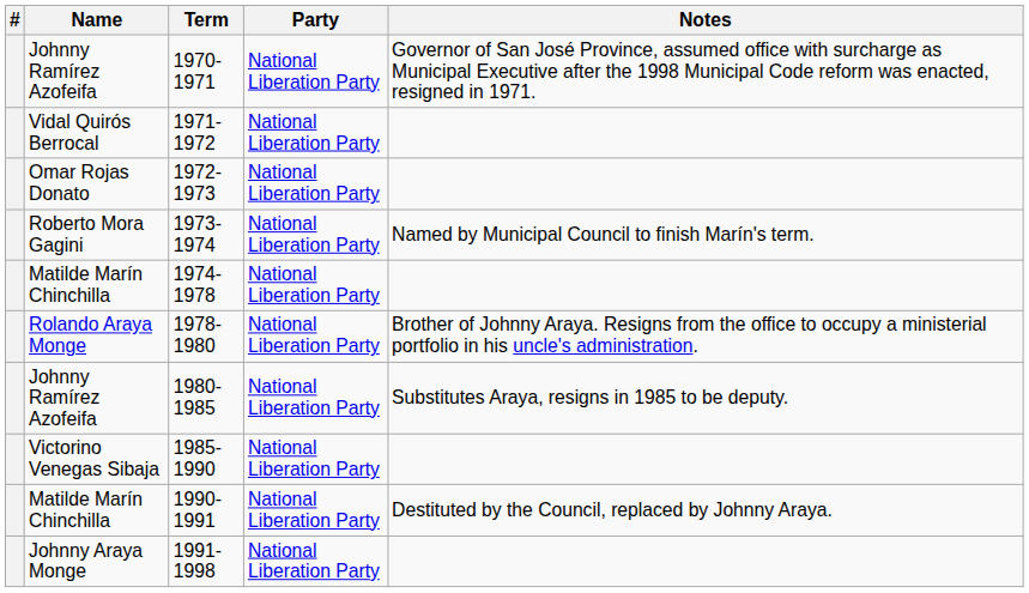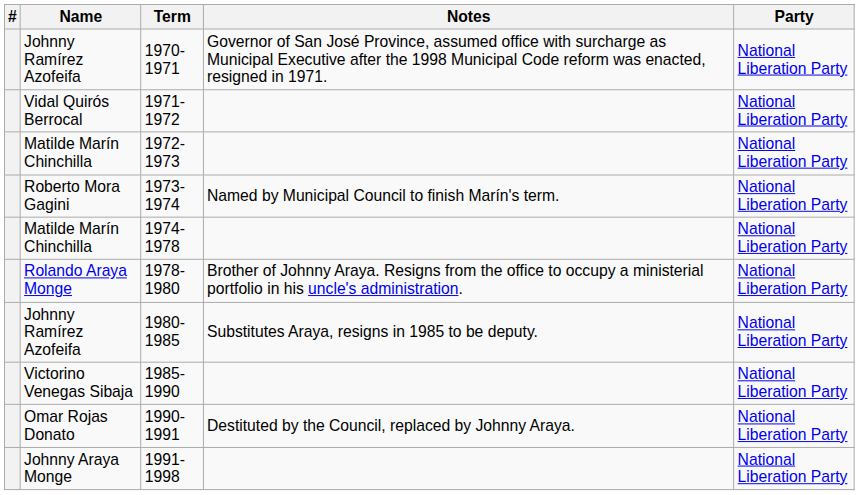 <table class="wikitable">
 <tr>
 <th>#</th>
 <th>Name</th>
 <th>Term</th>
+<th>Notes</th>
 <th>Party</th>
-<th>Notes</th>
 </tr>
 <tr>
 <th style="background:"></th>
 <td>Johnny Ramírez Azofeifa</td>
 <td>1970-1971</td>
+<td>Governor of San José Province, assumed office with surcharge as Municipal Executive after the 1998 Municipal Code reform was enacted, resigned in 1971.</td>
 <td><a href='#'>National Liberation Party</a></td>
-<td>Governor of San José Province, assumed office with surcharge as Municipal Executive after the 1998 Municipal Code reform was enacted, resigned in 1971.</td>
 </tr>
 <tr>
 <th style="background:"></th>
 <td>Vidal Quirós Berrocal</td>
 <td>1971-1972</td>
+<td></td>
 <td><a href='#'>National Liberation Party</a></td>
-<td></td>
 </tr>
 <tr>
 <th style="background:"></th>
-<td>Omar Rojas Donato</td>
+<td>Matilde Marín Chinchilla</td>
 <td>1972-1973</td>
+<td></td>
 <td><a href='#'>National Liberation Party</a></td>
-<td></td>
 </tr>
 <tr>
 <th style="background:"></th>
 <td>Roberto Mora Gagini</td>
 <td>1973-1974</td>
+<td>Named by Municipal Council to finish Marín's term.</td>
 <td><a href='#'>National Liberation Party</a></td>
-<td>Named by Municipal Council to finish Marín's term.</td>
 </tr>
 <tr>
 <th style="background:"></th>
 <td>Matilde Marín Chinchilla</td>
 <td>1974-1978</td>
+<td></td>
 <td><a href='#'>National Liberation Party</a></td>
-<td></td>
 </tr>
 <tr>
 <th style="background:"></th>
 <td><a href='#'>Rolando Araya Monge</a></td>
 <td>1978-1980</td>
+<td>Brother of Johnny Araya. Resigns from the office to occupy a ministerial portfolio in his <a href='#'>uncle's administration</a>.</td>
 <td><a href='#'>National Liberation Party</a></td>
-<td>Brother of Johnny Araya. Resigns from the office to occupy a ministerial portfolio in his <a href='#'>uncle's administration</a>.</td>
 </tr>
 <tr>
 <th style="background:"></th>
 <td>Johnny Ramírez Azofeifa</td>
 <td>1980-1985</td>
+<td>Substitutes Araya, resigns in 1985 to be deputy.</td>
 <td><a href='#'>National Liberation Party</a></td>
-<td>Substitutes Araya, resigns in 1985 to be deputy.</td>
 </tr>
 <tr>
 <th style="background:"></th>
 <td>Victorino Venegas Sibaja</td>
 <td>1985-1990</td>
+<td></td>
 <td><a href='#'>National Liberation Party</a></td>
-<td></td>
 </tr>
 <tr>
 <th style="background:"></th>
-<td>Matilde Marín Chinchilla</td>
+<td>Omar Rojas Donato</td>
 <td>1990-1991</td>
+<td>Destituted by the Council, replaced by Johnny Araya.</td>
 <td><a href='#'>National Liberation Party</a></td>
-<td>Destituted by the Council, replaced by Johnny Araya.</td>
 </tr>
 <tr>
 <th style="background:"></th>
 <td>Johnny Araya Monge</td>
 <td>1991-1998</td>
+<td></td>
 <td><a href='#'>National Liberation Party</a></td>
-<td></td>
 </tr>
 </table>
